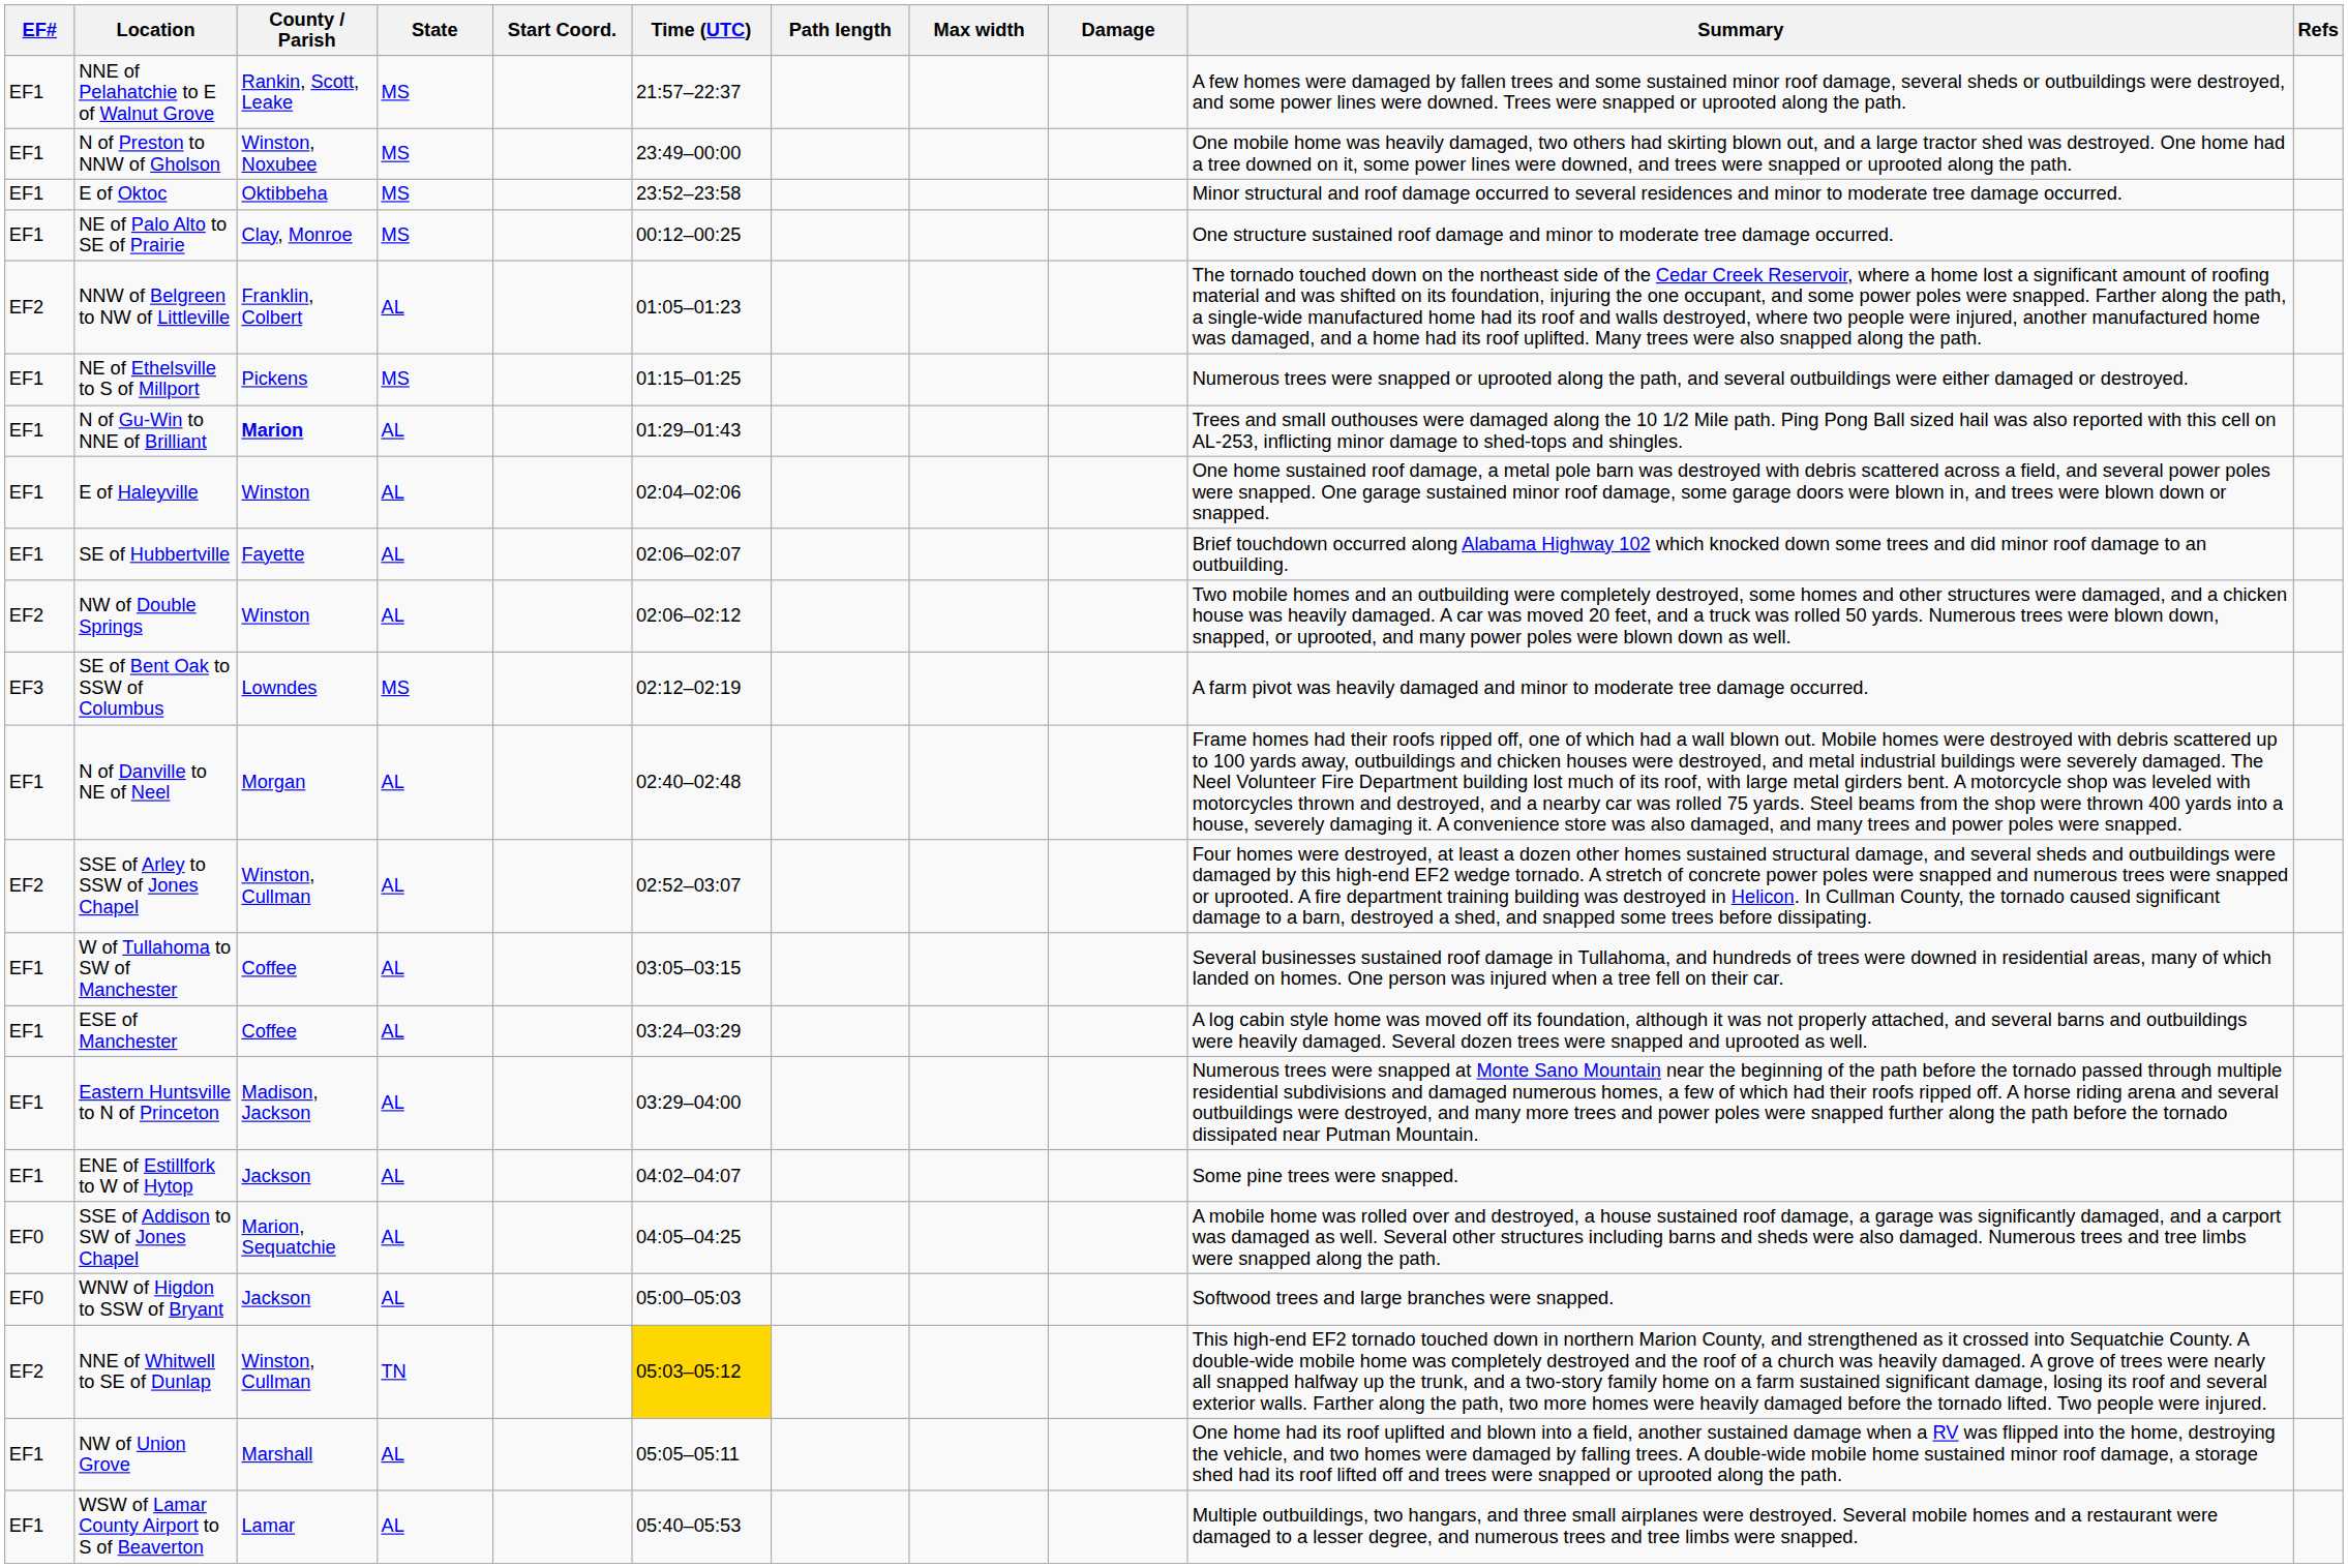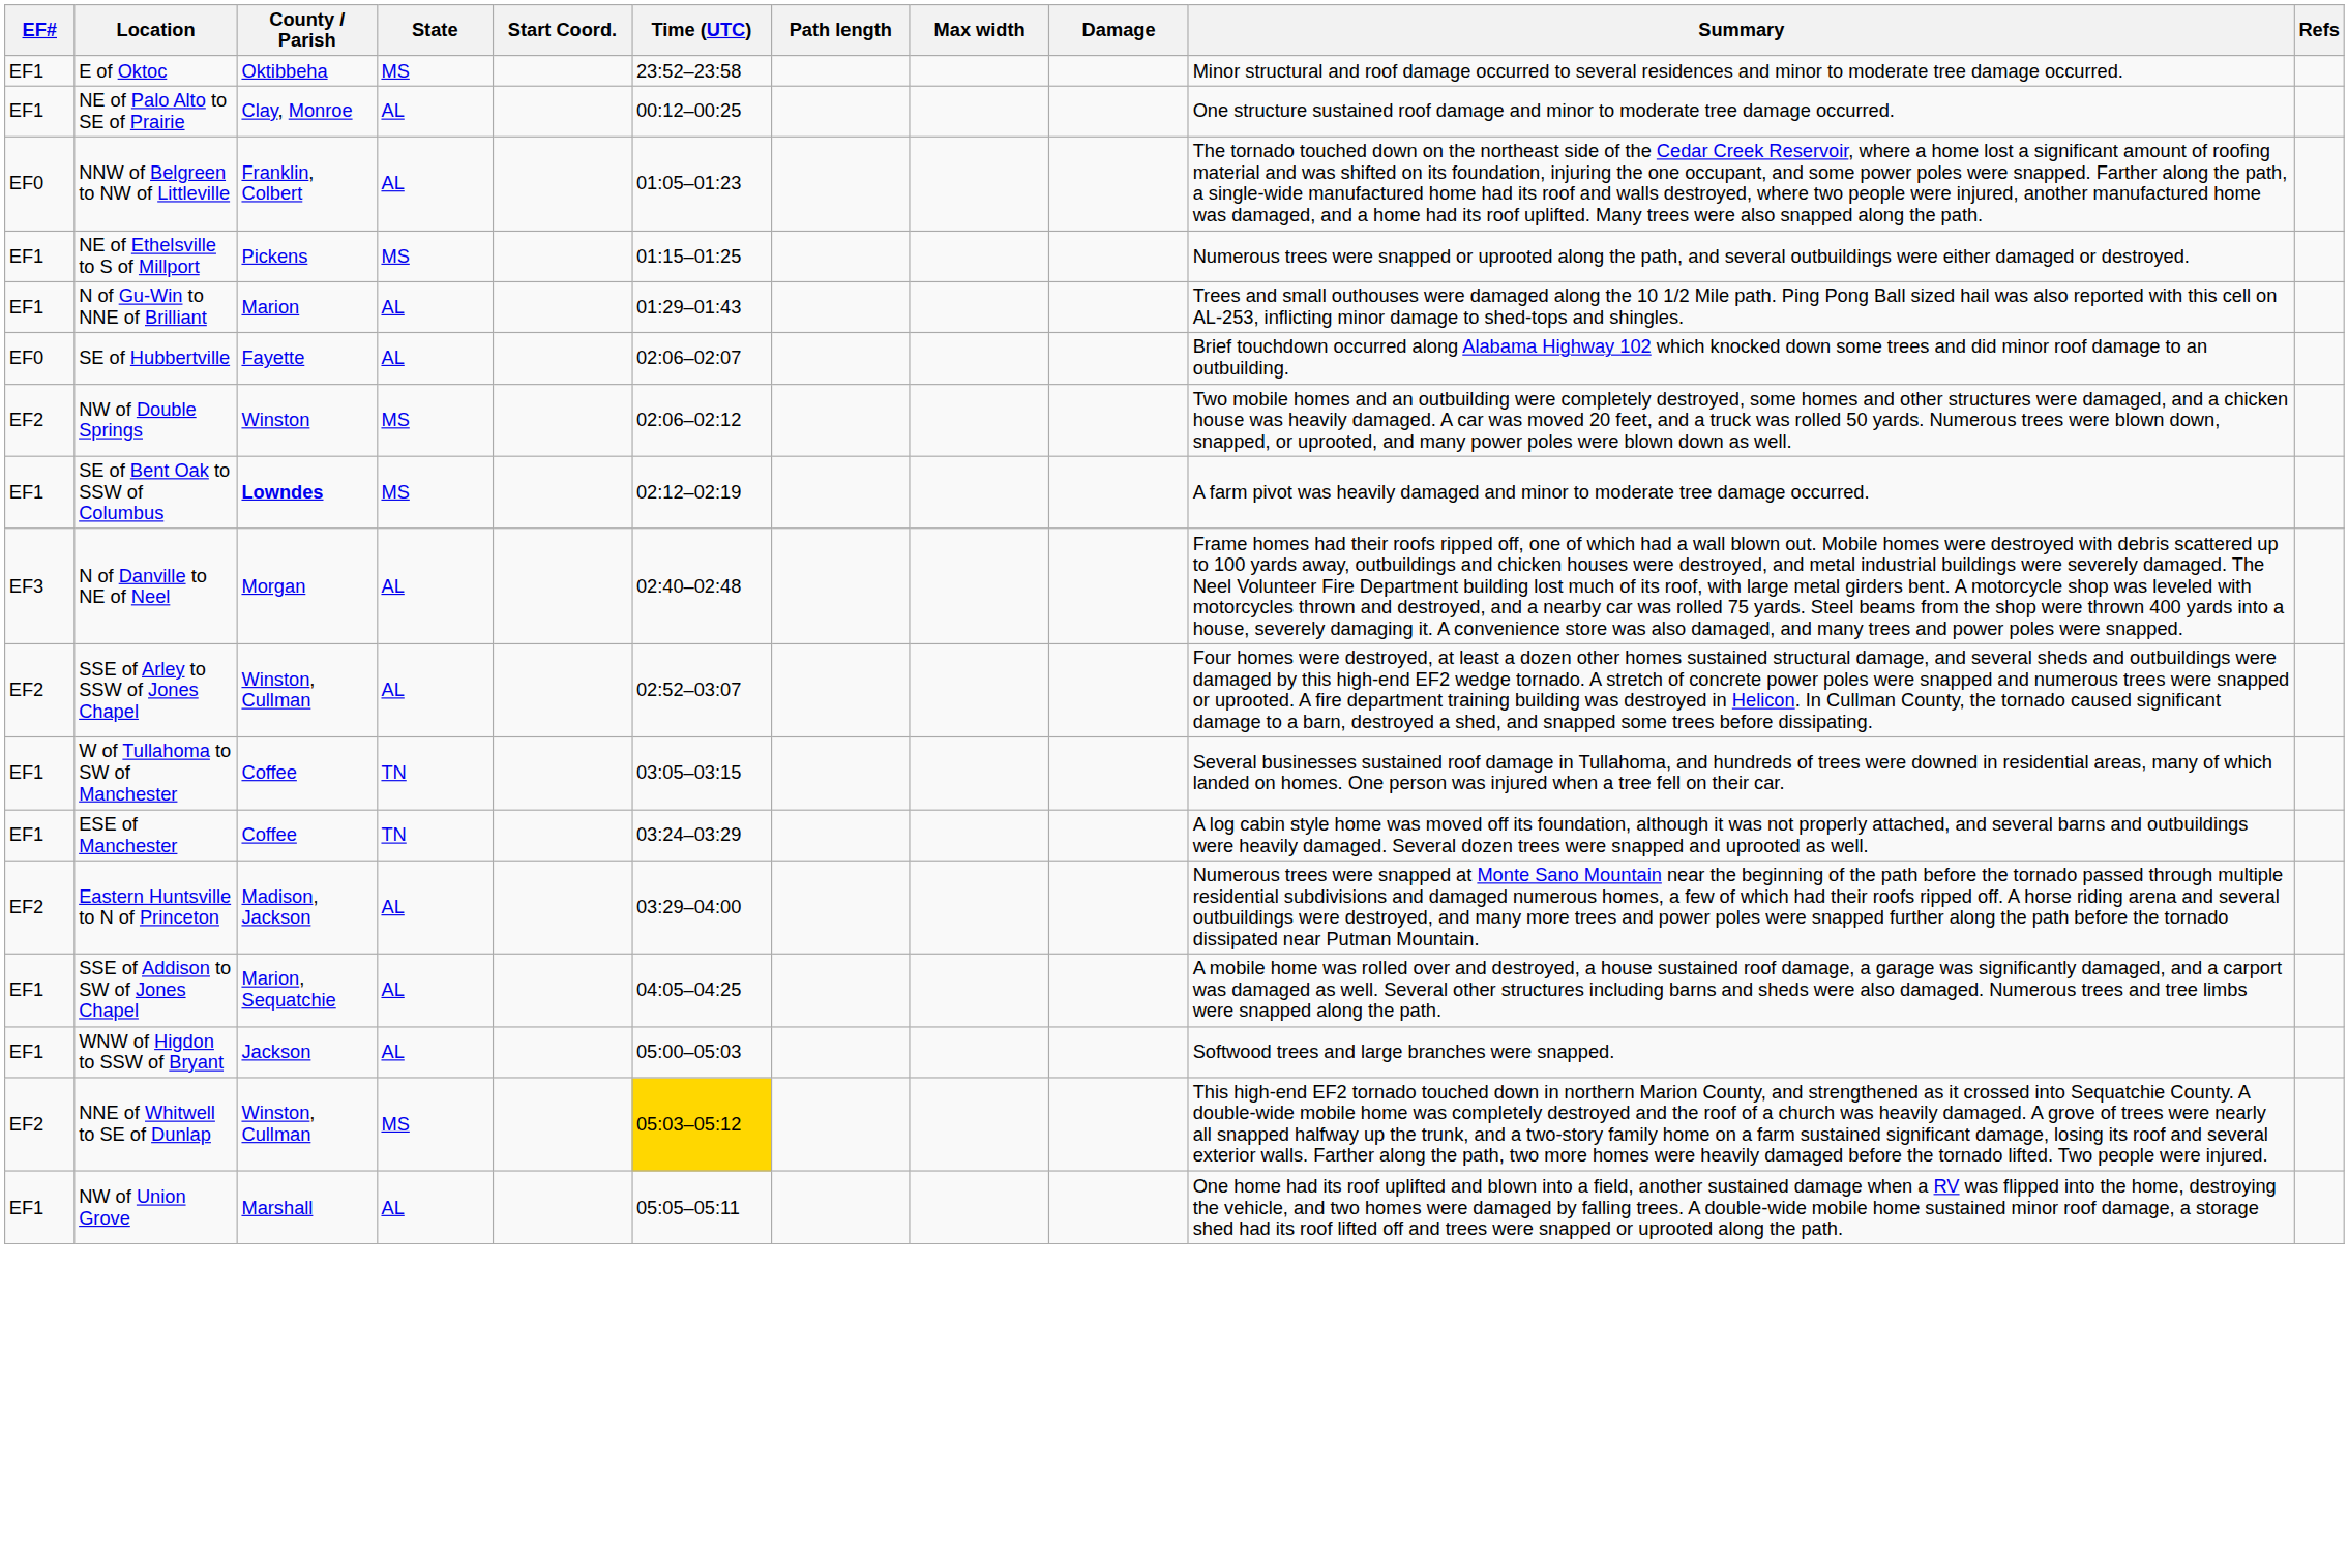 <table class="wikitable sortable" style="width:100%;">
 <tr>
 <th scope="col"  style="width:3%; text-align:center;"><a href='#'>EF#</a></th>
 <th scope="col"  style="width:7%; text-align:center;" class="unsortable">Location</th>
 <th scope="col"  style="width:6%; text-align:center;" class="unsortable">County / Parish</th>
 <th scope="col"  style="width:5%; text-align:center;">State</th>
 <th scope="col"  style="width:6%; text-align:center;">Start Coord.</th>
 <th scope="col"  style="width:6%; text-align:center;">Time (<a href='#'>UTC</a>)</th>
 <th scope="col"  style="width:6%; text-align:center;">Path length</th>
 <th scope="col"  style="width:6%; text-align:center;">Max width</th>
 <th scope="col"  style="width:6%; text-align:center;">Damage</th>
 <th scope="col" class="unsortable" style="width:48%; text-align:center;">Summary</th>
 <th scope="col" class="unsortable" style="width:48%; text-align:center;">Refs</th>
-</tr>
-<tr>
-<td>EF1</td>
-<td>NNE of <a href='#'>Pelahatchie</a> to E of <a href='#'>Walnut Grove</a></td>
-<td><a href='#'>Rankin</a>, <a href='#'>Scott</a>, <a href='#'>Leake</a></td>
-<td><a href='#'>MS</a></td>
-<td></td>
-<td>21:57–22:37</td>
-<td></td>
-<td></td>
-<td></td>
-<td>A few homes were damaged by fallen trees and some sustained minor roof damage, several sheds or outbuildings were destroyed, and some power lines were downed. Trees were snapped or uprooted along the path.</td>
-<td><br></td>
-</tr>
-<tr>
-<td>EF1</td>
-<td>N of <a href='#'>Preston</a> to NNW of <a href='#'>Gholson</a></td>
-<td><a href='#'>Winston</a>, <a href='#'>Noxubee</a></td>
-<td><a href='#'>MS</a></td>
-<td></td>
-<td>23:49–00:00</td>
-<td></td>
-<td></td>
-<td></td>
-<td>One mobile home was heavily damaged, two others had skirting blown out, and a large tractor shed was destroyed. One home had a tree downed on it, some power lines were downed, and trees were snapped or uprooted along the path.</td>
-<td></td>
 </tr>
 <tr>
 <td>EF1</td>
 <td>E of <a href='#'>Oktoc</a></td>
 <td><a href='#'>Oktibbeha</a></td>
 <td><a href='#'>MS</a></td>
 <td></td>
 <td>23:52–23:58</td>
 <td></td>
 <td></td>
 <td></td>
 <td>Minor structural and roof damage occurred to several residences and minor to moderate tree damage occurred.</td>
 <td></td>
 </tr>
 <tr>
 <td>EF1</td>
 <td>NE of <a href='#'>Palo Alto</a> to SE of <a href='#'>Prairie</a></td>
 <td><a href='#'>Clay</a>, <a href='#'>Monroe</a></td>
-<td><a href='#'>MS</a></td>
+<td><a href='#'>AL</a></td>
 <td></td>
 <td>00:12–00:25</td>
 <td></td>
 <td></td>
 <td></td>
 <td>One structure sustained roof damage and minor to moderate tree damage occurred.</td>
 <td></td>
 </tr>
 <tr>
-<td>EF2</td>
+<td>EF0</td>
 <td>NNW of <a href='#'>Belgreen</a> to NW of <a href='#'>Littleville</a></td>
 <td><a href='#'>Franklin</a>, <a href='#'>Colbert</a></td>
 <td><a href='#'>AL</a></td>
 <td></td>
 <td>01:05–01:23</td>
 <td></td>
 <td></td>
 <td></td>
 <td>The tornado touched down on the northeast side of the <a href='#'>Cedar Creek Reservoir</a>, where a home lost a significant amount of roofing material and was shifted on its foundation, injuring the one occupant, and some power poles were snapped. Farther along the path, a single-wide manufactured home had its roof and walls destroyed, where two people were injured, another manufactured home was damaged, and a home had its roof uplifted. Many trees were also snapped along the path.</td>
 <td></td>
 </tr>
 <tr>
 <td>EF1</td>
 <td>NE of <a href='#'>Ethelsville</a> to S of <a href='#'>Millport</a></td>
 <td><a href='#'>Pickens</a></td>
 <td><a href='#'>MS</a></td>
 <td></td>
 <td>01:15–01:25</td>
 <td></td>
 <td></td>
 <td></td>
 <td>Numerous trees were snapped or uprooted along the path, and several outbuildings were either damaged or destroyed.</td>
 <td></td>
 </tr>
 <tr>
 <td>EF1</td>
 <td>N of <a href='#'>Gu-Win</a> to NNE of <a href='#'>Brilliant</a></td>
-<td><strong><a href='#'>Marion</a></strong></td>
+<td><a href='#'>Marion</a></td>
 <td><a href='#'>AL</a></td>
 <td></td>
 <td>01:29–01:43</td>
 <td></td>
 <td></td>
 <td></td>
 <td>Trees and small outhouses were damaged along the 10 1/2 Mile path. Ping Pong Ball sized hail was also reported with this cell on AL-253, inflicting minor damage to shed-tops and shingles.</td>
 <td></td>
 </tr>
 <tr>
-<td>EF1</td>
-<td>E of <a href='#'>Haleyville</a></td>
-<td><a href='#'>Winston</a></td>
-<td><a href='#'>AL</a></td>
-<td></td>
-<td>02:04–02:06</td>
-<td></td>
-<td></td>
-<td></td>
-<td>One home sustained roof damage, a metal pole barn was destroyed with debris scattered across a field, and several power poles were snapped. One garage sustained minor roof damage, some garage doors were blown in, and trees were blown down or snapped.</td>
-<td></td>
-</tr>
-<tr>
-<td>EF1</td>
+<td>EF0</td>
 <td>SE of <a href='#'>Hubbertville</a></td>
 <td><a href='#'>Fayette</a></td>
 <td><a href='#'>AL</a></td>
 <td></td>
 <td>02:06–02:07</td>
 <td></td>
 <td></td>
 <td></td>
 <td>Brief touchdown occurred along <a href='#'>Alabama Highway 102</a> which knocked down some trees and did minor roof damage to an outbuilding.</td>
 <td></td>
 </tr>
 <tr>
 <td>EF2</td>
 <td>NW of <a href='#'>Double Springs</a></td>
 <td><a href='#'>Winston</a></td>
-<td><a href='#'>AL</a></td>
+<td><a href='#'>MS</a></td>
 <td></td>
 <td>02:06–02:12</td>
 <td></td>
 <td></td>
 <td></td>
 <td>Two mobile homes and an outbuilding were completely destroyed, some homes and other structures were damaged, and a chicken house was heavily damaged. A car was moved 20 feet, and a truck was rolled 50 yards. Numerous trees were blown down, snapped, or uprooted, and many power poles were blown down as well.</td>
 <td></td>
 </tr>
 <tr>
-<td>EF3</td>
+<td>EF1</td>
 <td>SE of <a href='#'>Bent Oak</a> to SSW of <a href='#'>Columbus</a></td>
-<td><a href='#'>Lowndes</a></td>
+<td><strong><a href='#'>Lowndes</a></strong></td>
 <td><a href='#'>MS</a></td>
 <td></td>
 <td>02:12–02:19</td>
 <td></td>
 <td></td>
 <td></td>
 <td>A farm pivot was heavily damaged and minor to moderate tree damage occurred.</td>
 <td></td>
 </tr>
 <tr>
-<td>EF1</td>
+<td>EF3</td>
 <td>N of <a href='#'>Danville</a> to NE of <a href='#'>Neel</a></td>
 <td><a href='#'>Morgan</a></td>
 <td><a href='#'>AL</a></td>
 <td></td>
 <td>02:40–02:48</td>
 <td></td>
 <td></td>
 <td></td>
 <td>Frame homes had their roofs ripped off, one of which had a wall blown out. Mobile homes were destroyed with debris scattered up to 100 yards away, outbuildings and chicken houses were destroyed, and metal industrial buildings were severely damaged. The Neel Volunteer Fire Department building lost much of its roof, with large metal girders bent. A motorcycle shop was leveled with motorcycles thrown and destroyed, and a nearby car was rolled 75 yards. Steel beams from the shop were thrown 400 yards into a house, severely damaging it. A convenience store was also damaged, and many trees and power poles were snapped.</td>
 <td></td>
 </tr>
 <tr>
 <td>EF2</td>
 <td>SSE of <a href='#'>Arley</a> to SSW of <a href='#'>Jones Chapel</a></td>
 <td><a href='#'>Winston</a>, <a href='#'>Cullman</a></td>
 <td><a href='#'>AL</a></td>
 <td></td>
 <td>02:52–03:07</td>
 <td></td>
 <td></td>
 <td></td>
 <td>Four homes were destroyed, at least a dozen other homes sustained structural damage, and several sheds and outbuildings were damaged by this high-end EF2 wedge tornado. A  stretch of concrete power poles were snapped and numerous trees were snapped or uprooted. A fire department training building was destroyed in <a href='#'>Helicon</a>. In Cullman County, the tornado caused significant damage to a barn, destroyed a shed, and snapped some trees before dissipating.</td>
 <td></td>
 </tr>
 <tr>
 <td>EF1</td>
 <td>W of <a href='#'>Tullahoma</a> to SW of <a href='#'>Manchester</a></td>
 <td><a href='#'>Coffee</a></td>
-<td><a href='#'>AL</a></td>
+<td><a href='#'>TN</a></td>
 <td></td>
 <td>03:05–03:15</td>
 <td></td>
 <td></td>
 <td></td>
 <td>Several businesses sustained roof damage in Tullahoma, and hundreds of trees were downed in residential areas, many of which landed on homes. One person was injured when a tree fell on their car.</td>
 <td></td>
 </tr>
 <tr>
 <td>EF1</td>
 <td>ESE of <a href='#'>Manchester</a></td>
 <td><a href='#'>Coffee</a></td>
-<td><a href='#'>AL</a></td>
+<td><a href='#'>TN</a></td>
 <td></td>
 <td>03:24–03:29</td>
 <td></td>
 <td></td>
 <td></td>
 <td>A log cabin style home was moved  off its foundation, although it was not properly attached, and several barns and outbuildings were heavily damaged. Several dozen trees were snapped and uprooted as well.</td>
 <td></td>
 </tr>
 <tr>
-<td>EF1</td>
+<td>EF2</td>
 <td><a href='#'>Eastern Huntsville</a> to N of <a href='#'>Princeton</a></td>
 <td><a href='#'>Madison</a>, <a href='#'>Jackson</a></td>
 <td><a href='#'>AL</a></td>
 <td></td>
 <td>03:29–04:00</td>
 <td></td>
 <td></td>
 <td></td>
 <td>Numerous trees were snapped at <a href='#'>Monte Sano Mountain</a> near the beginning of the path before the tornado passed through multiple residential subdivisions and damaged numerous homes, a few of which had their roofs ripped off. A horse riding arena and several outbuildings were destroyed, and many more trees and power poles were snapped further along the path before the tornado dissipated near Putman Mountain.</td>
 <td></td>
 </tr>
 <tr>
 <td>EF1</td>
-<td>ENE of <a href='#'>Estillfork</a> to W of <a href='#'>Hytop</a></td>
-<td><a href='#'>Jackson</a></td>
-<td><a href='#'>AL</a></td>
-<td></td>
-<td>04:02–04:07</td>
-<td></td>
-<td></td>
-<td></td>
-<td>Some pine trees were snapped.</td>
-<td></td>
-</tr>
-<tr>
-<td>EF0</td>
 <td>SSE of <a href='#'>Addison</a> to SW of <a href='#'>Jones Chapel</a></td>
 <td><a href='#'>Marion</a>, <a href='#'>Sequatchie</a></td>
 <td><a href='#'>AL</a></td>
 <td></td>
 <td>04:05–04:25</td>
 <td></td>
 <td></td>
 <td></td>
 <td>A mobile home was rolled over and destroyed, a house sustained roof damage, a garage was significantly damaged, and a carport was damaged as well. Several other structures including barns and sheds were also damaged. Numerous trees and tree limbs were snapped along the path.</td>
 <td></td>
 </tr>
 <tr>
-<td>EF0</td>
+<td>EF1</td>
 <td>WNW of <a href='#'>Higdon</a> to SSW of <a href='#'>Bryant</a></td>
 <td><a href='#'>Jackson</a></td>
 <td><a href='#'>AL</a></td>
 <td></td>
 <td>05:00–05:03</td>
 <td></td>
 <td></td>
 <td></td>
 <td>Softwood trees and large branches were snapped.</td>
 <td></td>
 </tr>
 <tr>
 <td>EF2</td>
 <td>NNE of <a href='#'>Whitwell</a> to SE of <a href='#'>Dunlap</a></td>
 <td><a href='#'>Winston</a>, <a href='#'>Cullman</a></td>
-<td><a href='#'>TN</a></td>
+<td><a href='#'>MS</a></td>
 <td></td>
 <td style="background: gold;">05:03–05:12</td>
 <td></td>
 <td></td>
 <td></td>
 <td>This high-end EF2 tornado touched down in northern Marion County, and strengthened as it crossed into Sequatchie County. A double-wide mobile home was completely destroyed and the roof of a church was heavily damaged. A grove of trees were nearly all snapped halfway up the trunk, and a two-story family home on a farm sustained significant damage, losing its roof and several exterior walls. Farther along the path, two more homes were heavily damaged before the tornado lifted. Two people were injured.</td>
 <td></td>
 </tr>
 <tr>
 <td>EF1</td>
 <td>NW of <a href='#'>Union Grove</a></td>
 <td><a href='#'>Marshall</a></td>
 <td><a href='#'>AL</a></td>
 <td></td>
 <td>05:05–05:11</td>
 <td></td>
 <td></td>
 <td></td>
 <td>One home had its roof uplifted and blown into a field, another sustained damage when a <a href='#'>RV</a> was flipped into the home, destroying the vehicle, and two homes were damaged by falling trees. A double-wide mobile home sustained minor roof damage, a storage shed had its roof lifted off and trees were snapped or uprooted along the path.</td>
 <td></td>
 </tr>
 <tr>
-<td>EF1</td>
-<td>WSW of <a href='#'>Lamar County Airport</a> to S of <a href='#'>Beaverton</a></td>
-<td><a href='#'>Lamar</a></td>
-<td><a href='#'>AL</a></td>
-<td></td>
-<td>05:40–05:53</td>
-<td></td>
-<td></td>
-<td></td>
-<td>Multiple outbuildings, two hangars, and three small airplanes were destroyed. Several mobile homes and a restaurant were damaged to a lesser degree, and numerous trees and tree limbs were snapped.</td>
-<td></td>
-</tr>
-<tr>
 </tr>
 </table>
